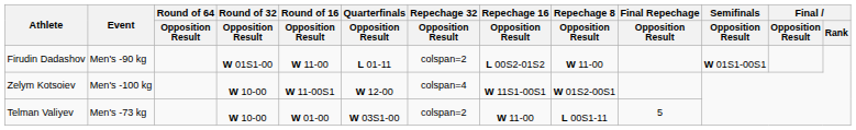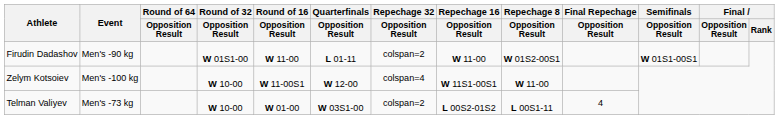 <table class="wikitable" style="font-size:90%">
 <tr>
 <th rowspan="2">Athlete</th>
 <th rowspan="2">Event</th>
 <th>Round of 64</th>
 <th>Round of 32</th>
 <th>Round of 16</th>
 <th>Quarterfinals</th>
 <th>Repechage 32</th>
 <th>Repechage 16</th>
 <th>Repechage 8</th>
 <th>Final Repechage</th>
 <th>Semifinals</th>
 <th colspan=2>Final / </th>
 </tr>
 <tr style="font-size:95%">
 <th>Opposition<br>Result</th>
 <th>Opposition<br>Result</th>
 <th>Opposition<br>Result</th>
 <th>Opposition<br>Result</th>
 <th>Opposition<br>Result</th>
 <th>Opposition<br>Result</th>
 <th>Opposition<br>Result</th>
 <th>Opposition<br>Result</th>
 <th>Opposition<br>Result</th>
 <th>Opposition<br>Result</th>
 <th>Rank</th>
 </tr>
 <tr align=center>
 <td align=left>Firudin Dadashov</td>
 <td align=left>Men's -90 kg</td>
 <td></td>
 <td><br><strong>W</strong> 01S1-00</td>
 <td><br><strong>W</strong> 11-00</td>
 <td><br><strong>L</strong> 01-11</td>
 <td>colspan=2 </td>
-<td><br><strong>L</strong> 00S2-01S2</td>
 <td><br><strong>W</strong> 11-00</td>
+<td><br><strong>W</strong> 01S2-00S1</td>
 <td></td>
 <td><br><strong>W</strong> 01S1-00S1</td>
 <td></td>
 </tr>
 <tr align=center>
 <td align=left>Zelym Kotsoiev</td>
 <td align=left>Men's -100 kg</td>
 <td></td>
 <td><br><strong>W</strong> 10-00</td>
 <td><br><strong>W</strong> 11-00S1</td>
 <td><br><strong>W</strong> 12-00</td>
 <td>colspan=4 </td>
 <td><br><strong>W</strong> 11S1-00S1</td>
-<td><br><strong>W</strong> 01S2-00S1</td>
+<td><br><strong>W</strong> 11-00</td>
 <td></td>
 </tr>
 <tr align=center>
 <td align=left>Telman Valiyev</td>
 <td align=left>Men's -73 kg</td>
 <td></td>
 <td><br><strong>W</strong> 10-00</td>
 <td><br><strong>W</strong> 01-00</td>
 <td><br><strong>W</strong> 03S1-00</td>
 <td>colspan=2 </td>
-<td><br><strong>W</strong> 11-00</td>
+<td><br><strong>L</strong> 00S2-01S2</td>
 <td><br><strong>L</strong> 00S1-11</td>
-<td>5</td>
+<td>4</td>
 </tr>
 </table>
